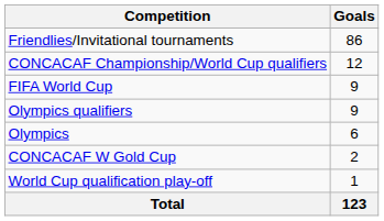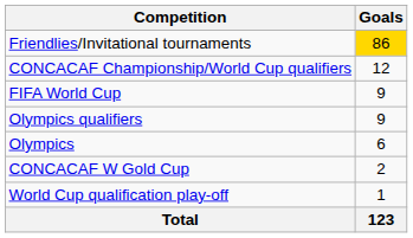 <table class="wikitable sortable" style="text-align:center">
 <tr>
 <th scope="col">Competition</th>
 <th scope="col">Goals</th>
 </tr>
 <tr>
 <td style="text-align:left"><a href='#'>Friendlies</a>/Invitational tournaments</td>
-<td>86</td>
+<td style="background: gold;">86</td>
 </tr>
 <tr>
 <td style="text-align:left"><a href='#'>CONCACAF Championship/World Cup qualifiers</a></td>
 <td>12</td>
 </tr>
 <tr>
 <td style="text-align:left"><a href='#'>FIFA World Cup</a></td>
 <td>9</td>
 </tr>
 <tr>
 <td style="text-align:left"><a href='#'>Olympics qualifiers</a></td>
 <td>9</td>
 </tr>
 <tr>
 <td style="text-align:left"><a href='#'>Olympics</a></td>
 <td>6</td>
 </tr>
 <tr>
 <td style="text-align:left"><a href='#'>CONCACAF W Gold Cup</a></td>
 <td>2</td>
 </tr>
 <tr>
 <td style="text-align:left"><a href='#'>World Cup qualification play-off</a></td>
 <td>1</td>
 </tr>
 <tr>
 <th>Total</th>
 <th>123</th>
 </tr>
 </table>
